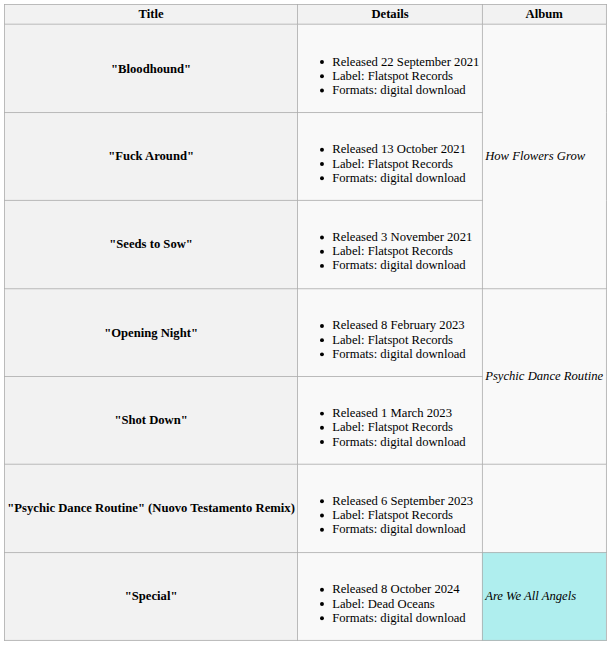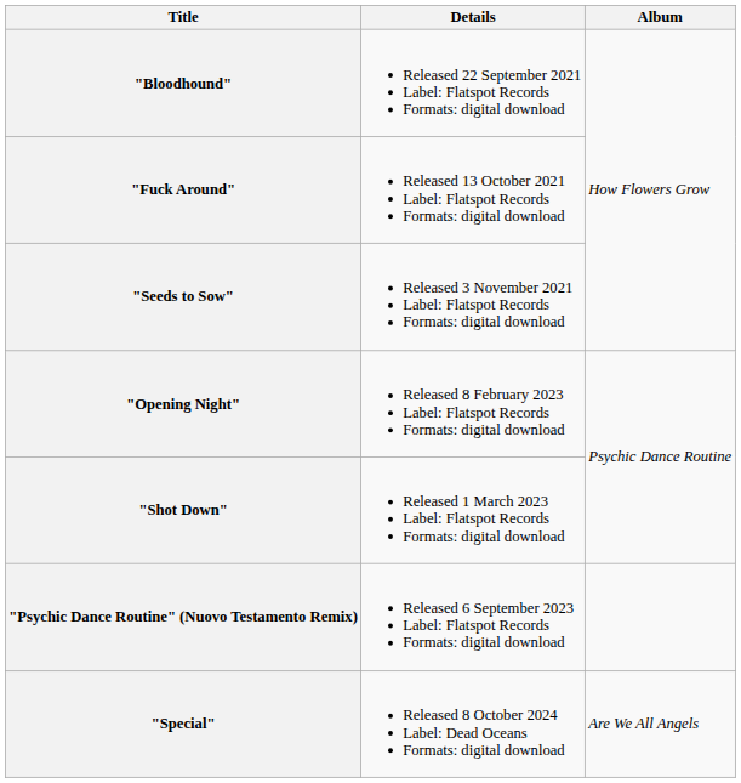 <table class="wikitable plainrowheaders">
 <tr>
 <th>Title</th>
 <th>Details</th>
 <th>Album</th>
 </tr>
 <tr>
 <th scope="row">"Bloodhound"</th>
 <td><br><ul><li>Released 22 September 2021</li><li>Label: Flatspot Records</li><li>Formats: digital download</li></ul></td>
 <td rowspan="3"><em>How Flowers Grow</em></td>
 </tr>
 <tr>
 <th scope="row">"Fuck Around"</th>
 <td><br><ul><li>Released 13 October 2021</li><li>Label: Flatspot Records</li><li>Formats: digital download</li></ul></td>
 </tr>
 <tr>
 <th scope="row">"Seeds to Sow"</th>
 <td><br><ul><li>Released 3 November 2021</li><li>Label: Flatspot Records</li><li>Formats: digital download</li></ul></td>
 </tr>
 <tr>
 <th scope="row">"Opening Night"</th>
 <td><br><ul><li>Released 8 February 2023</li><li>Label: Flatspot Records</li><li>Formats: digital download</li></ul></td>
 <td rowspan="2"><em>Psychic Dance Routine</em></td>
 </tr>
 <tr>
 <th scope="row">"Shot Down"</th>
 <td><br><ul><li>Released 1 March 2023</li><li>Label: Flatspot Records</li><li>Formats: digital download</li></ul></td>
 </tr>
 <tr>
 <th scope="row">"Psychic Dance Routine" (Nuovo Testamento Remix)</th>
 <td><br><ul><li>Released 6 September 2023</li><li>Label: Flatspot Records</li><li>Formats: digital download</li></ul></td>
 <td></td>
 </tr>
 <tr>
 <th scope="row">"Special"</th>
 <td><br><ul><li>Released 8 October 2024</li><li>Label: Dead Oceans</li><li>Formats: digital download</li></ul></td>
-<td style="background: paleturquoise;"><em>Are We All Angels</em></td>
+<td><em>Are We All Angels</em></td>
 </tr>
 </table>
